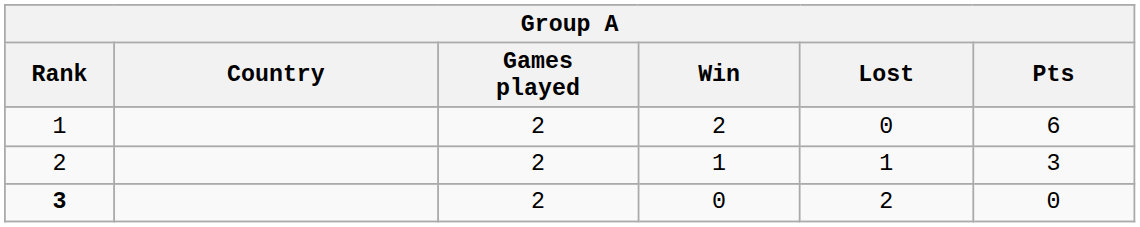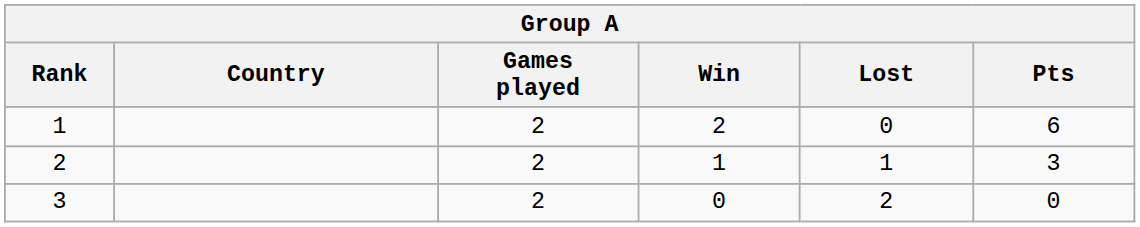 <table class="wikitable" style= "text-align: center; Width:50%">
 <tr>
 <th colspan= 6>Group A</th>
 </tr>
 <tr>
 <th width=2%>Rank</th>
 <th width=10%>Country</th>
 <th width=5%>Games <br> played</th>
 <th width=5%>Win</th>
 <th width=5%>Lost</th>
 <th width=5%>Pts</th>
 </tr>
 <tr>
 <td>1</td>
 <td style= "text-align: left"></td>
 <td>2</td>
 <td>2</td>
 <td>0</td>
 <td>6</td>
 </tr>
 <tr>
 <td>2</td>
 <td style= "text-align: left"></td>
 <td>2</td>
 <td>1</td>
 <td>1</td>
 <td>3</td>
 </tr>
 <tr>
-<td><strong>3</strong></td>
+<td>3</td>
 <td style= "text-align: left"></td>
 <td>2</td>
 <td>0</td>
 <td>2</td>
 <td>0</td>
 </tr>
 </table>
